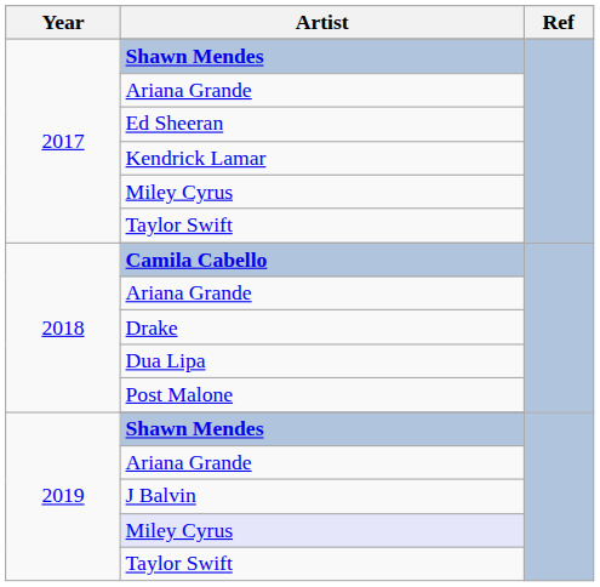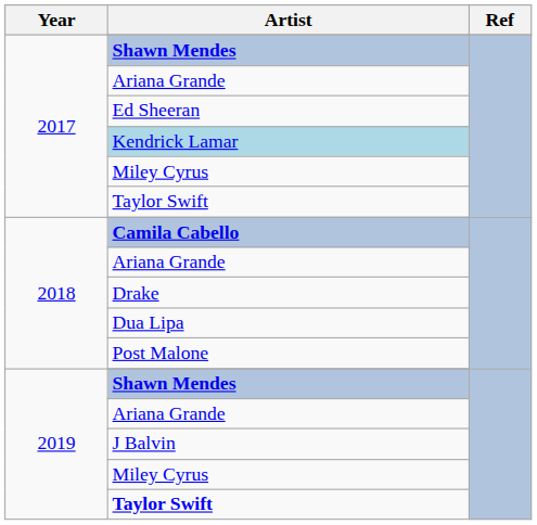 <table class="wikitable" style="width:50%;">
 <tr style="background:#bebebe;">
 <th style="width:10%;">Year</th>
 <th style="width:35%;">Artist</th>
 <th style="width:5%;">Ref</th>
 </tr>
 <tr>
 <td rowspan="7" align="center"><a href='#'>2017</a></td>
 </tr>
 <tr style="background:#B0C4DE">
 <td><strong><a href='#'>Shawn Mendes</a></strong></td>
 <td rowspan="7" align="center"></td>
 </tr>
 <tr>
 <td><a href='#'>Ariana Grande</a></td>
 </tr>
 <tr>
 <td><a href='#'>Ed Sheeran</a></td>
 </tr>
 <tr>
-<td><a href='#'>Kendrick Lamar</a></td>
+<td style="background: lightblue;"><a href='#'>Kendrick Lamar</a></td>
 </tr>
 <tr>
 <td><a href='#'>Miley Cyrus</a></td>
 </tr>
 <tr>
 <td><a href='#'>Taylor Swift</a></td>
 </tr>
 <tr>
 <td rowspan="6" align="center"><a href='#'>2018</a></td>
 </tr>
 <tr style="background:#B0C4DE">
 <td><strong><a href='#'>Camila Cabello</a></strong></td>
 <td rowspan="6" align="center"></td>
 </tr>
 <tr>
 <td><a href='#'>Ariana Grande</a></td>
 </tr>
 <tr>
 <td><a href='#'>Drake</a></td>
 </tr>
 <tr>
 <td><a href='#'>Dua Lipa</a></td>
 </tr>
 <tr>
 <td><a href='#'>Post Malone</a></td>
 </tr>
 <tr>
 <td rowspan="6" align="center"><a href='#'>2019</a></td>
 </tr>
 <tr style="background:#B0C4DE">
 <td><strong><a href='#'>Shawn Mendes</a></strong></td>
 <td rowspan="6" align="center"></td>
 </tr>
 <tr>
 <td><a href='#'>Ariana Grande</a></td>
 </tr>
 <tr>
 <td><a href='#'>J Balvin</a></td>
 </tr>
 <tr>
-<td style="background: lavender;"><a href='#'>Miley Cyrus</a></td>
+<td><a href='#'>Miley Cyrus</a></td>
 </tr>
 <tr>
-<td><a href='#'>Taylor Swift</a></td>
+<td><strong><a href='#'>Taylor Swift</a></strong></td>
 </tr>
 </table>
